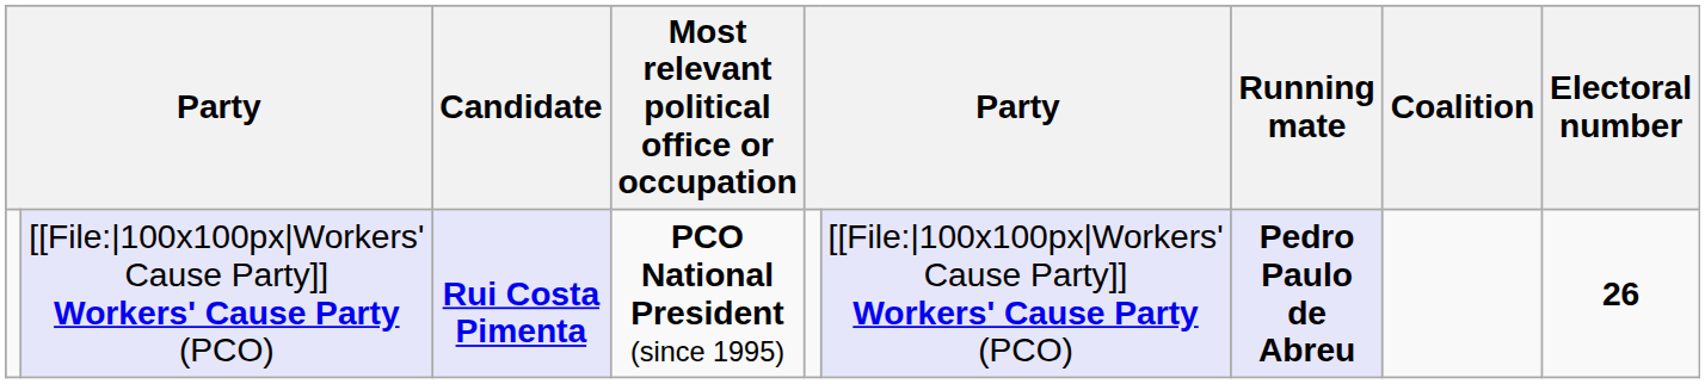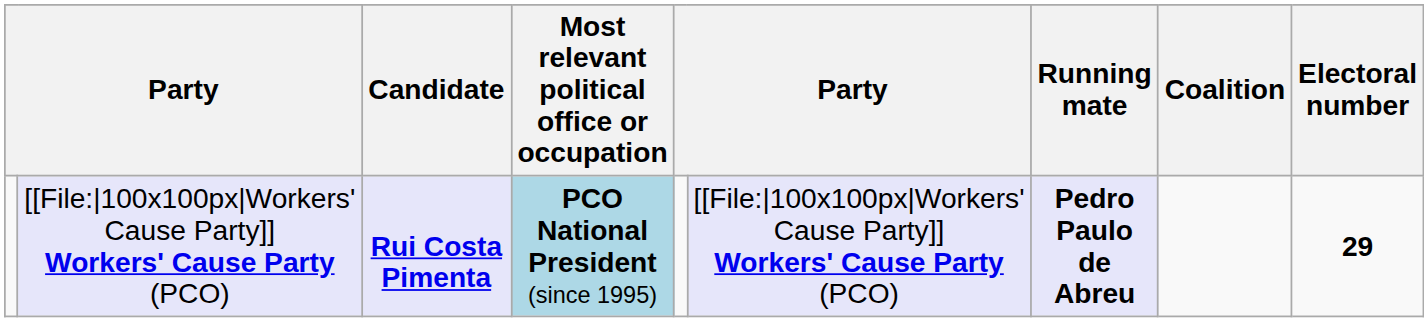 <table class="wikitable" style="text-align:center">
 <tr>
 <th colspan="2">Party</th>
 <th>Candidate</th>
 <th style="max-width:10em">Most relevant political office or occupation</th>
 <th colspan="2">Party</th>
 <th>Running mate</th>
 <th>Coalition</th>
 <th>Electoral number</th>
 </tr>
 <tr>
 <td style="background:"></td>
 <td style="background:lavender;" max-width:150px>[[File:|100x100px|Workers' Cause Party]]<br><strong><a href='#'>Workers' Cause Party</a></strong> (PCO)</td>
 <td style="background:lavender;" max-width:150px><br><strong><a href='#'>Rui Costa Pimenta</a></strong></td>
-<td style="max-width:10em"><strong>PCO National President</strong><br><small>(since 1995)</small></td>
+<td style="background: lightblue; max-width:10em"><strong>PCO National President</strong><br><small>(since 1995)</small></td>
 <td style="background:"></td>
 <td style="background:lavender;" max-width:150px>[[File:|100x100px|Workers' Cause Party]]<br><strong><a href='#'>Workers' Cause Party</a></strong> (PCO)</td>
 <td style="background:lavender;" max-width:150px><strong>Pedro Paulo de Abreu</strong></td>
 <td></td>
-<td><strong>26</strong></td>
+<td><strong>29</strong></td>
 </tr>
 </table>
